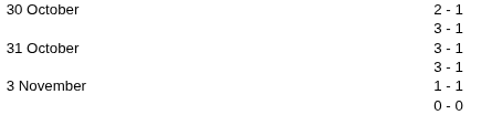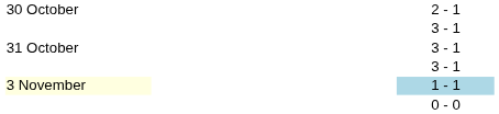 <table cellspacing=1 width=85%>
 <tr>
 <th width=15%></th>
 <th width=25%></th>
 <th width=10%></th>
 <th width=25%></th>
 <th width=25%></th>
 </tr>
 <tr>
 <td>30 October</td>
 <td align=right></td>
 <td align=center>2 - 1</td>
 <td></td>
 </tr>
 <tr>
 <td></td>
 <td align=right></td>
 <td align=center>3 - 1</td>
 <td></td>
 </tr>
 <tr>
 <td>31 October</td>
 <td align=right></td>
 <td align=center>3 - 1</td>
 <td></td>
 </tr>
 <tr>
 <td></td>
 <td align=right></td>
 <td align=center>3 - 1</td>
 <td></td>
 </tr>
 <tr>
-<td>3 November</td>
+<td style="background: lightyellow;">3 November</td>
 <td align=right></td>
-<td align=center>1 - 1</td>
+<td align=center style="background: lightblue;">1 - 1</td>
 <td></td>
 </tr>
 <tr>
 <td></td>
 <td align=right></td>
 <td align=center>0 - 0</td>
 <td></td>
 </tr>
 </table>
